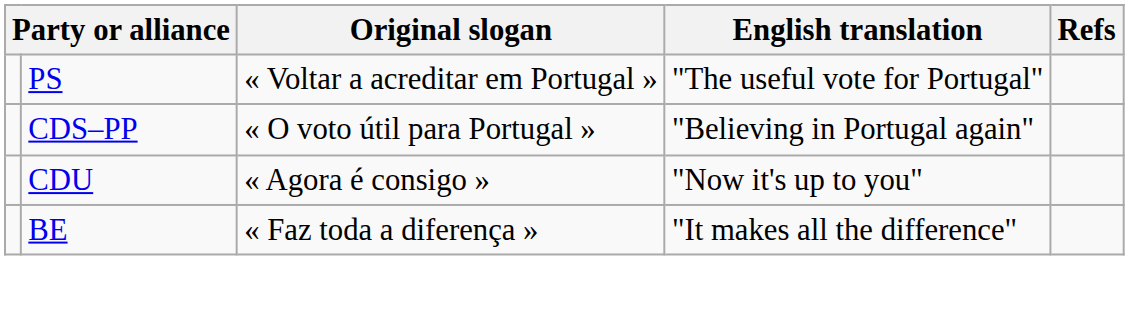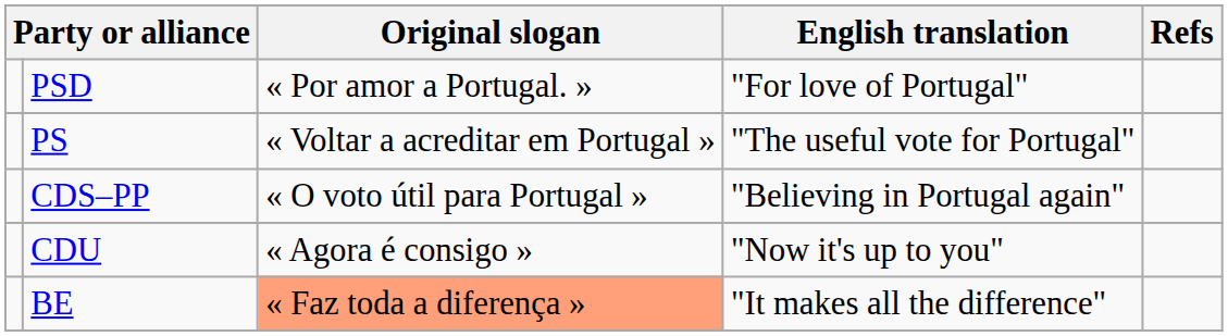 <table class="wikitable" style="font-size:97%; text-align:left;">
 <tr>
 <th style="text-align:left;" colspan="2">Party or alliance</th>
 <th>Original slogan</th>
 <th>English translation</th>
 <th>Refs</th>
+</tr>
+<tr>
+<td></td>
+<td><a href='#'>PSD</a></td>
+<td>« Por amor a Portugal. »</td>
+<td>"For love of Portugal"</td>
+<td></td>
 </tr>
 <tr>
 <td width="1"></td>
 <td><a href='#'>PS</a></td>
 <td>« Voltar a acreditar em Portugal »</td>
 <td>"The useful vote for Portugal"</td>
 <td></td>
 </tr>
 <tr>
 <td></td>
 <td><a href='#'>CDS–PP</a></td>
 <td>« O voto útil para Portugal »</td>
 <td>"Believing in Portugal again"</td>
 <td></td>
 </tr>
 <tr>
 <td></td>
 <td><a href='#'>CDU</a></td>
 <td>« Agora é consigo »</td>
 <td>"Now it's up to you"</td>
 <td></td>
 </tr>
 <tr>
 <td></td>
 <td><a href='#'>BE</a></td>
-<td>« Faz toda a diferença »</td>
+<td style="background: lightsalmon;">« Faz toda a diferença »</td>
 <td>"It makes all the difference"</td>
 <td></td>
 </tr>
 </table>
